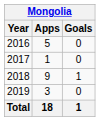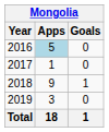 <table class="wikitable" style="text-align:center">
 <tr>
 <th colspan=3><a href='#'>Mongolia</a></th>
 </tr>
 <tr>
 <th>Year</th>
 <th>Apps</th>
 <th>Goals</th>
 </tr>
 <tr>
 <td>2016</td>
-<td>5</td>
+<td style="background: lightblue;">5</td>
 <td>0</td>
 </tr>
 <tr>
 <td>2017</td>
 <td>1</td>
 <td>0</td>
 </tr>
 <tr>
 <td>2018</td>
 <td>9</td>
 <td>1</td>
 </tr>
 <tr>
 <td>2019</td>
 <td>3</td>
 <td>0</td>
 </tr>
 <tr>
 <th>Total</th>
 <th>18</th>
 <th>1</th>
 </tr>
 </table>
